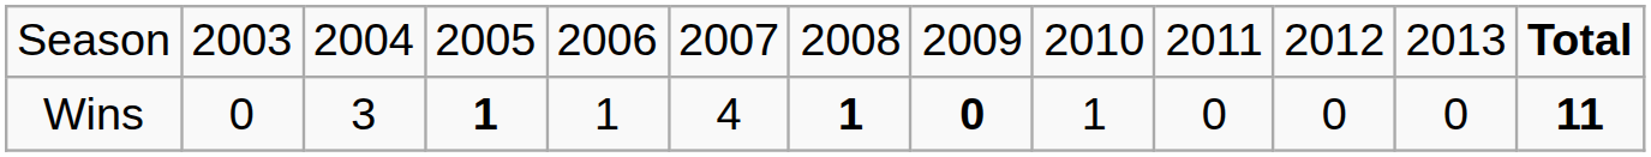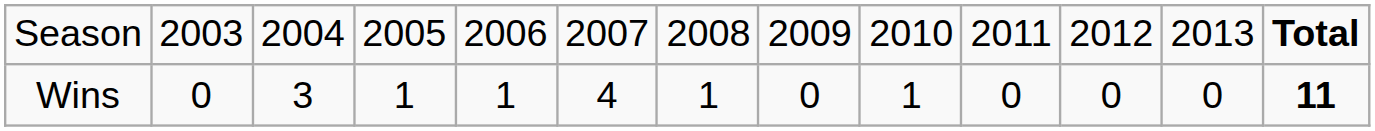 <table class="wikitable sortable">
 <tr>
 <td>Season</td>
 <td>2003</td>
 <td>2004</td>
 <td>2005</td>
 <td>2006</td>
 <td>2007</td>
 <td>2008</td>
 <td>2009</td>
 <td>2010</td>
 <td>2011</td>
 <td>2012</td>
 <td>2013</td>
 <td><strong>Total</strong></td>
 </tr>
 <tr align=center>
 <td>Wins</td>
 <td>0</td>
 <td>3</td>
-<td><strong>1</strong></td>
+<td>1</td>
 <td>1</td>
 <td>4</td>
-<td><strong>1</strong></td>
-<td><strong>0</strong></td>
+<td>1</td>
+<td>0</td>
 <td>1</td>
 <td>0</td>
 <td>0</td>
 <td>0</td>
 <td><strong>11</strong></td>
 </tr>
 </table>
